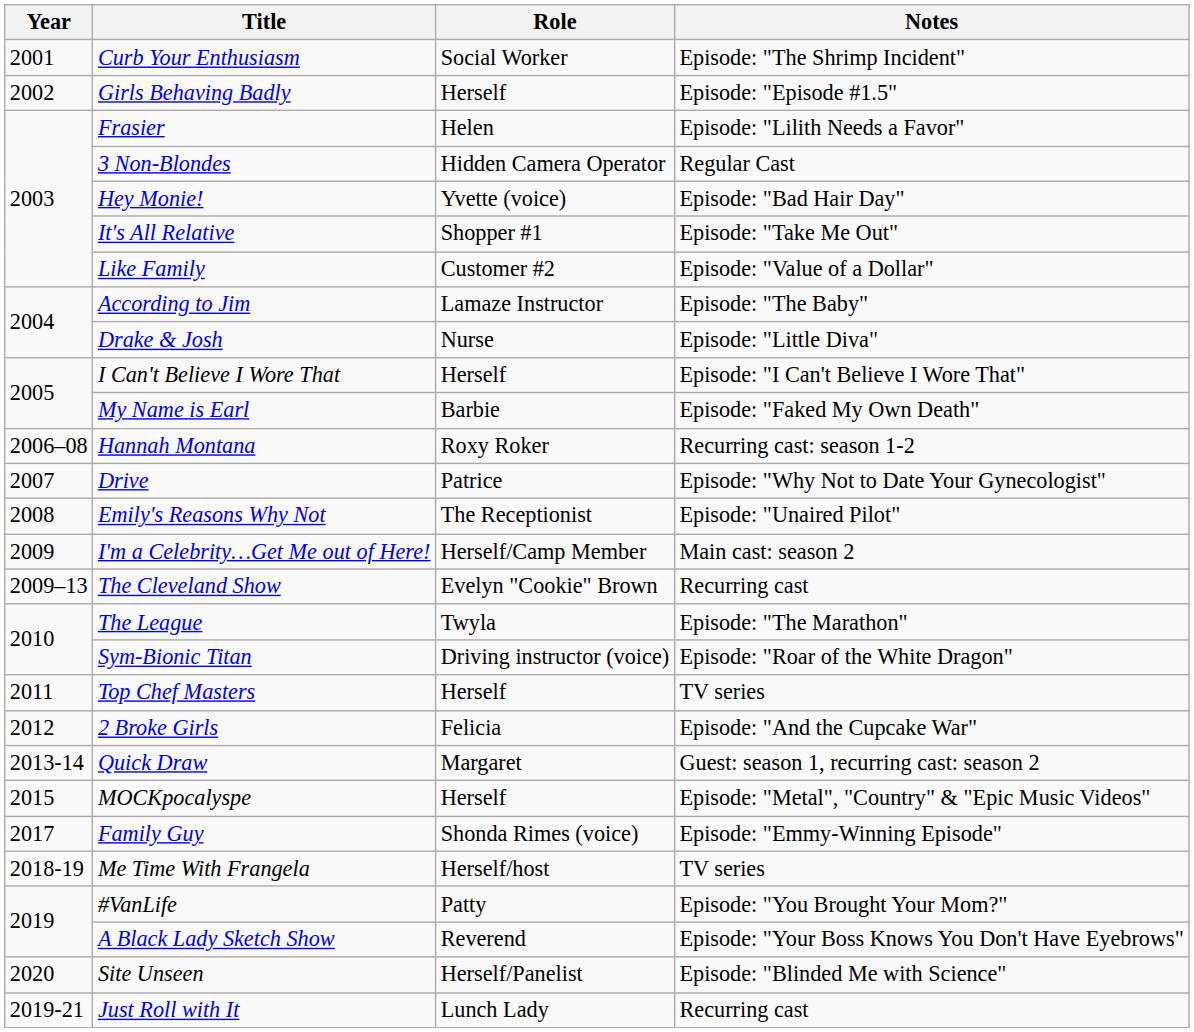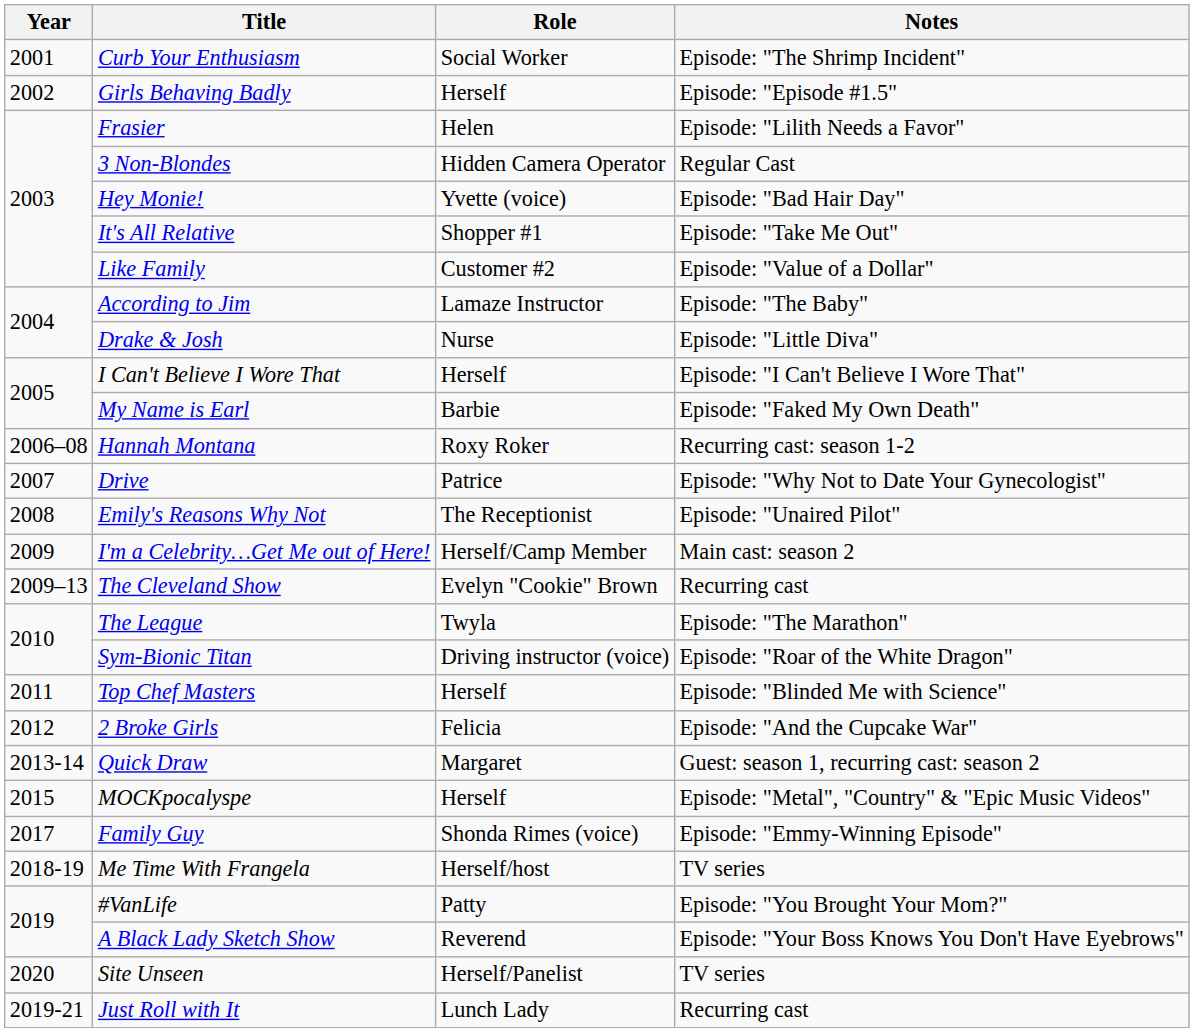 <table class="wikitable plainrowheaders sortable" style="margin-right: 0;">
 <tr>
 <th scope="col">Year</th>
 <th scope="col">Title</th>
 <th scope="col">Role</th>
 <th scope="col" class="unsortable">Notes</th>
 </tr>
 <tr>
 <td>2001</td>
 <td><em><a href='#'>Curb Your Enthusiasm</a></em></td>
 <td>Social Worker</td>
 <td>Episode: "The Shrimp Incident"</td>
 </tr>
 <tr>
 <td>2002</td>
 <td><em><a href='#'>Girls Behaving Badly</a></em></td>
 <td>Herself</td>
 <td>Episode: "Episode #1.5"</td>
 </tr>
 <tr>
 <td rowspan="5">2003</td>
 <td><em><a href='#'>Frasier</a></em></td>
 <td>Helen</td>
 <td>Episode: "Lilith Needs a Favor"</td>
 </tr>
 <tr>
 <td><em><a href='#'>3 Non-Blondes</a></em></td>
 <td>Hidden Camera Operator</td>
 <td>Regular Cast</td>
 </tr>
 <tr>
 <td><em><a href='#'>Hey Monie!</a></em></td>
 <td>Yvette (voice)</td>
 <td>Episode: "Bad Hair Day"</td>
 </tr>
 <tr>
 <td><em><a href='#'>It's All Relative</a></em></td>
 <td>Shopper #1</td>
 <td>Episode: "Take Me Out"</td>
 </tr>
 <tr>
 <td><em><a href='#'>Like Family</a></em></td>
 <td>Customer #2</td>
 <td>Episode: "Value of a Dollar"</td>
 </tr>
 <tr>
 <td rowspan="2">2004</td>
 <td><em><a href='#'>According to Jim</a></em></td>
 <td>Lamaze Instructor</td>
 <td>Episode: "The Baby"</td>
 </tr>
 <tr>
 <td><em><a href='#'>Drake & Josh</a></em></td>
 <td>Nurse</td>
 <td>Episode: "Little Diva"</td>
 </tr>
 <tr>
 <td rowspan="2">2005</td>
 <td><em>I Can't Believe I Wore That</em></td>
 <td>Herself</td>
 <td>Episode: "I Can't Believe I Wore That"</td>
 </tr>
 <tr>
 <td><em><a href='#'>My Name is Earl</a></em></td>
 <td>Barbie</td>
 <td>Episode: "Faked My Own Death"</td>
 </tr>
 <tr>
 <td>2006–08</td>
 <td><em><a href='#'>Hannah Montana</a></em></td>
 <td>Roxy Roker</td>
 <td>Recurring cast: season 1-2</td>
 </tr>
 <tr>
 <td>2007</td>
 <td><em><a href='#'>Drive</a></em></td>
 <td>Patrice</td>
 <td>Episode: "Why Not to Date Your Gynecologist"</td>
 </tr>
 <tr>
 <td>2008</td>
 <td><em><a href='#'>Emily's Reasons Why Not</a></em></td>
 <td>The Receptionist</td>
 <td>Episode: "Unaired Pilot"</td>
 </tr>
 <tr>
 <td>2009</td>
 <td><em><a href='#'>I'm a Celebrity…Get Me out of Here!</a></em></td>
 <td>Herself/Camp Member</td>
 <td>Main cast: season 2</td>
 </tr>
 <tr>
 <td>2009–13</td>
 <td><em><a href='#'>The Cleveland Show</a></em></td>
 <td>Evelyn "Cookie" Brown</td>
 <td>Recurring cast</td>
 </tr>
 <tr>
 <td rowspan="2">2010</td>
 <td><em><a href='#'>The League</a></em></td>
 <td>Twyla</td>
 <td>Episode: "The Marathon"</td>
 </tr>
 <tr>
 <td><em><a href='#'>Sym-Bionic Titan</a></em></td>
 <td>Driving instructor (voice)</td>
 <td>Episode: "Roar of the White Dragon"</td>
 </tr>
 <tr>
 <td>2011</td>
 <td><em><a href='#'>Top Chef Masters</a></em></td>
 <td>Herself</td>
-<td>TV series</td>
+<td>Episode: "Blinded Me with Science"</td>
 </tr>
 <tr>
 <td>2012</td>
 <td><em><a href='#'>2 Broke Girls</a></em></td>
 <td>Felicia</td>
 <td>Episode: "And the Cupcake War"</td>
 </tr>
 <tr>
 <td>2013-14</td>
 <td><em><a href='#'>Quick Draw</a></em></td>
 <td>Margaret</td>
 <td>Guest: season 1, recurring cast: season 2</td>
 </tr>
 <tr>
 <td>2015</td>
 <td><em>MOCKpocalyspe</em></td>
 <td>Herself</td>
 <td>Episode: "Metal", "Country" & "Epic Music Videos"</td>
 </tr>
 <tr>
 <td>2017</td>
 <td><em><a href='#'>Family Guy</a></em></td>
 <td>Shonda Rimes (voice)</td>
 <td>Episode: "Emmy-Winning Episode"</td>
 </tr>
 <tr>
 <td>2018-19</td>
 <td><em>Me Time With Frangela</em></td>
 <td>Herself/host</td>
 <td>TV series</td>
 </tr>
 <tr>
 <td rowspan="2">2019</td>
 <td><em>#VanLife</em></td>
 <td>Patty</td>
 <td>Episode: "You Brought Your Mom?"</td>
 </tr>
 <tr>
 <td><em><a href='#'>A Black Lady Sketch Show</a></em></td>
 <td>Reverend</td>
 <td>Episode: "Your Boss Knows You Don't Have Eyebrows"</td>
 </tr>
 <tr>
 <td>2020</td>
 <td><em>Site Unseen</em></td>
 <td>Herself/Panelist</td>
-<td>Episode: "Blinded Me with Science"</td>
+<td>TV series</td>
 </tr>
 <tr>
 <td>2019-21</td>
 <td><em><a href='#'>Just Roll with It</a></em></td>
 <td>Lunch Lady</td>
 <td>Recurring cast</td>
 </tr>
 </table>
